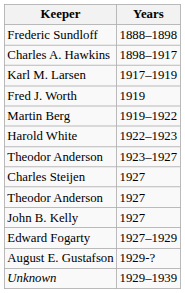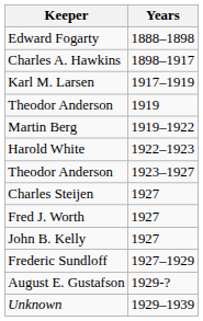 <table class="wikitable">
 <tr>
 <th>Keeper</th>
 <th>Years</th>
 </tr>
 <tr>
-<td>Frederic Sundloff</td>
+<td>Edward Fogarty</td>
 <td>1888–1898</td>
 </tr>
 <tr>
 <td>Charles A. Hawkins</td>
 <td>1898–1917</td>
 </tr>
 <tr>
 <td>Karl M. Larsen</td>
 <td>1917–1919</td>
 </tr>
 <tr>
-<td>Fred J. Worth</td>
+<td>Theodor Anderson</td>
 <td>1919</td>
 </tr>
 <tr>
 <td>Martin Berg</td>
 <td>1919–1922</td>
 </tr>
 <tr>
 <td>Harold White</td>
 <td>1922–1923</td>
 </tr>
 <tr>
 <td>Theodor Anderson</td>
 <td>1923–1927</td>
 </tr>
 <tr>
 <td>Charles Steijen</td>
 <td>1927</td>
 </tr>
 <tr>
-<td>Theodor Anderson</td>
+<td>Fred J. Worth</td>
 <td>1927</td>
 </tr>
 <tr>
 <td>John B. Kelly</td>
 <td>1927</td>
 </tr>
 <tr>
-<td>Edward Fogarty</td>
+<td>Frederic Sundloff</td>
 <td>1927–1929</td>
 </tr>
 <tr>
 <td>August E. Gustafson</td>
 <td>1929-?</td>
 </tr>
 <tr>
 <td><em>Unknown</em></td>
 <td>1929–1939</td>
 </tr>
 </table>
